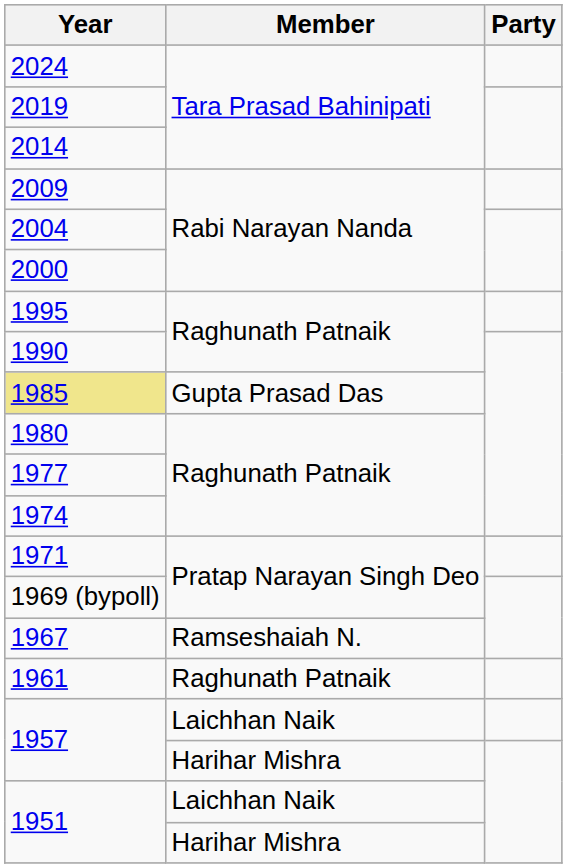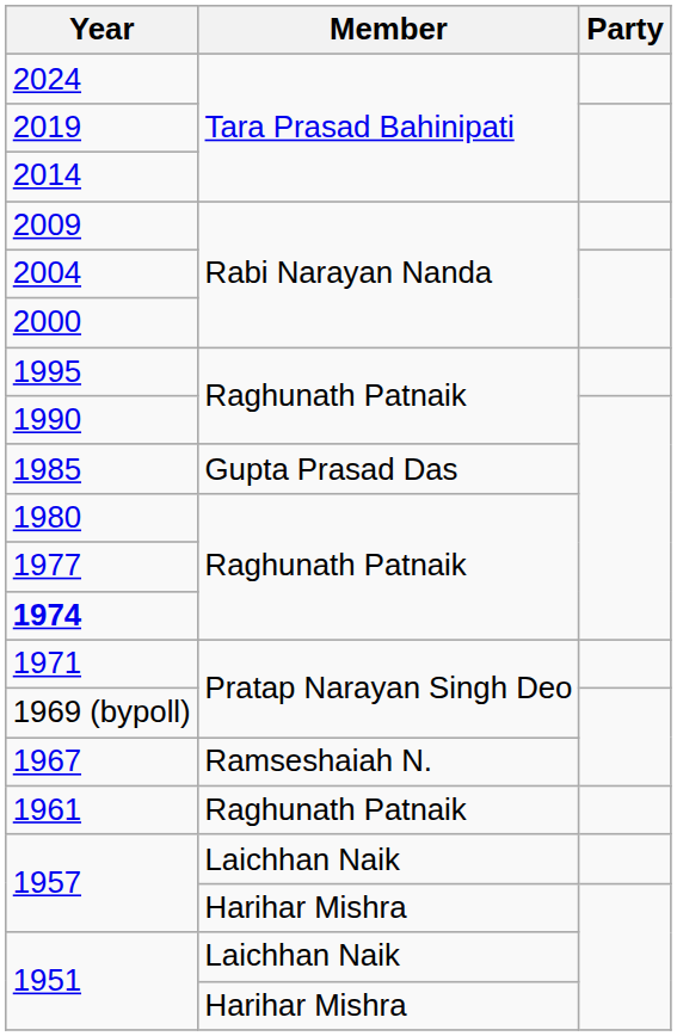 <table class="wikitable sortable">
 <tr>
 <th>Year</th>
 <th>Member</th>
 <th colspan=2>Party</th>
 </tr>
 <tr>
 <td><a href='#'>2024</a></td>
 <td rowspan=3><a href='#'>Tara Prasad Bahinipati</a></td>
 <td></td>
 </tr>
 <tr>
 <td><a href='#'>2019</a></td>
 </tr>
 <tr>
 <td><a href='#'>2014</a></td>
 </tr>
 <tr>
 <td><a href='#'>2009</a></td>
 <td rowspan=3>Rabi Narayan Nanda</td>
 <td></td>
 </tr>
 <tr>
 <td><a href='#'>2004</a></td>
 </tr>
 <tr>
 <td><a href='#'>2000</a></td>
 </tr>
 <tr>
 <td><a href='#'>1995</a></td>
 <td rowspan=2>Raghunath Patnaik</td>
 <td></td>
 </tr>
 <tr>
 <td><a href='#'>1990</a></td>
 </tr>
 <tr>
-<td style="background: khaki;"><a href='#'>1985</a></td>
+<td><a href='#'>1985</a></td>
 <td>Gupta Prasad Das</td>
 </tr>
 <tr>
 <td><a href='#'>1980</a></td>
 <td rowspan=3>Raghunath Patnaik</td>
 </tr>
 <tr>
 <td><a href='#'>1977</a></td>
 </tr>
 <tr>
-<td><a href='#'>1974</a></td>
+<td><strong><a href='#'>1974</a></strong></td>
 </tr>
 <tr>
 <td><a href='#'>1971</a></td>
 <td rowspan=2>Pratap Narayan Singh Deo</td>
 <td></td>
 </tr>
 <tr>
 <td>1969 (bypoll)</td>
 </tr>
 <tr>
 <td><a href='#'>1967</a></td>
 <td>Ramseshaiah N.</td>
 </tr>
 <tr>
 <td><a href='#'>1961</a></td>
 <td>Raghunath Patnaik</td>
 <td></td>
 </tr>
 <tr>
 <td rowspan="2"><a href='#'>1957</a></td>
 <td>Laichhan Naik</td>
 <td></td>
 </tr>
 <tr>
 <td>Harihar Mishra</td>
 </tr>
 <tr>
 <td rowspan="2"><a href='#'>1951</a></td>
 <td>Laichhan Naik</td>
 </tr>
 <tr>
 <td>Harihar Mishra</td>
 </tr>
 </table>
